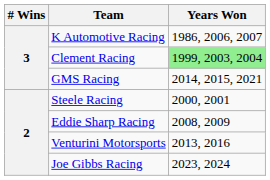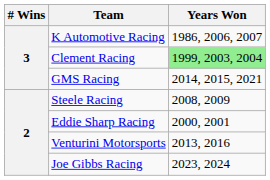 <table class="wikitable" style="font-size: 95%;">
 <tr>
 <th># Wins</th>
 <th>Team</th>
 <th>Years Won</th>
 </tr>
 <tr>
 <th rowspan="3">3</th>
 <td><a href='#'>K Automotive Racing</a></td>
 <td>1986, 2006, 2007</td>
 </tr>
 <tr>
 <td><a href='#'>Clement Racing</a></td>
 <td style="background: lightgreen;">1999, 2003, 2004</td>
 </tr>
 <tr>
 <td><a href='#'>GMS Racing</a></td>
 <td>2014, 2015, 2021</td>
 </tr>
 <tr>
 <th rowspan="4">2</th>
 <td><a href='#'>Steele Racing</a></td>
-<td>2000, 2001</td>
+<td>2008, 2009</td>
 </tr>
 <tr>
 <td><a href='#'>Eddie Sharp Racing</a></td>
-<td>2008, 2009</td>
+<td>2000, 2001</td>
 </tr>
 <tr>
 <td><a href='#'>Venturini Motorsports</a></td>
 <td>2013, 2016</td>
 </tr>
 <tr>
 <td><a href='#'>Joe Gibbs Racing</a></td>
 <td>2023, 2024</td>
 </tr>
 </table>
